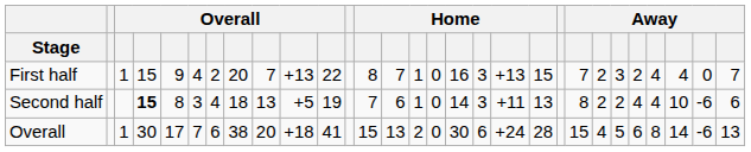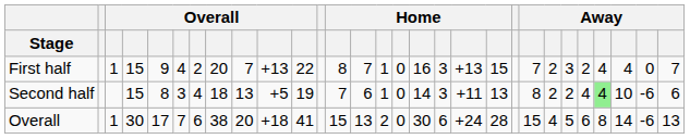 <table class="wikitable" style="text-align: right;">
 <tr>
 <th rawspan=2></th>
 <th rawspan=2></th>
 <th colspan=9>Overall</th>
 <th rawspan=1></th>
 <th colspan=8>Home</th>
 <th rawspan=1></th>
 <th colspan=8>Away</th>
 </tr>
 <tr>
 <th>Stage</th>
 <th></th>
 <th></th>
 <th></th>
 <th></th>
 <th></th>
 <th></th>
 <th></th>
 <th></th>
 <th></th>
 <th></th>
 <th></th>
 <th></th>
 <th></th>
 <th></th>
 <th></th>
 <th></th>
 <th></th>
 <th></th>
 <th></th>
 <th></th>
 <th></th>
 <th></th>
 <th></th>
 <th></th>
 <th></th>
 <th></th>
 <th></th>
 <th></th>
 </tr>
 <tr>
 <td align="left">First half</td>
 <td></td>
 <td>1</td>
 <td>15</td>
 <td>9</td>
 <td>4</td>
 <td>2</td>
 <td>20</td>
 <td>7</td>
 <td>+13</td>
 <td>22</td>
 <td></td>
 <td>8</td>
 <td>7</td>
 <td>1</td>
 <td>0</td>
 <td>16</td>
 <td>3</td>
 <td>+13</td>
 <td>15</td>
 <td></td>
 <td>7</td>
 <td>2</td>
 <td>3</td>
 <td>2</td>
 <td>4</td>
 <td>4</td>
 <td>0</td>
 <td>7</td>
 </tr>
 <tr>
 <td align="left">Second half</td>
 <td></td>
 <td></td>
-<td><strong>15</strong></td>
+<td>15</td>
 <td>8</td>
 <td>3</td>
 <td>4</td>
 <td>18</td>
 <td>13</td>
 <td>+5</td>
 <td>19</td>
 <td></td>
 <td>7</td>
 <td>6</td>
 <td>1</td>
 <td>0</td>
 <td>14</td>
 <td>3</td>
 <td>+11</td>
 <td>13</td>
 <td></td>
 <td>8</td>
 <td>2</td>
 <td>2</td>
 <td>4</td>
-<td>4</td>
+<td style="background: lightgreen;">4</td>
 <td>10</td>
 <td>-6</td>
 <td>6</td>
 </tr>
 <tr>
 <td align="left">Overall</td>
 <td></td>
 <td>1</td>
 <td>30</td>
 <td>17</td>
 <td>7</td>
 <td>6</td>
 <td>38</td>
 <td>20</td>
 <td>+18</td>
 <td>41</td>
 <td></td>
 <td>15</td>
 <td>13</td>
 <td>2</td>
 <td>0</td>
 <td>30</td>
 <td>6</td>
 <td>+24</td>
 <td>28</td>
 <td></td>
 <td>15</td>
 <td>4</td>
 <td>5</td>
 <td>6</td>
 <td>8</td>
 <td>14</td>
 <td>-6</td>
 <td>13</td>
 </tr>
 </table>
